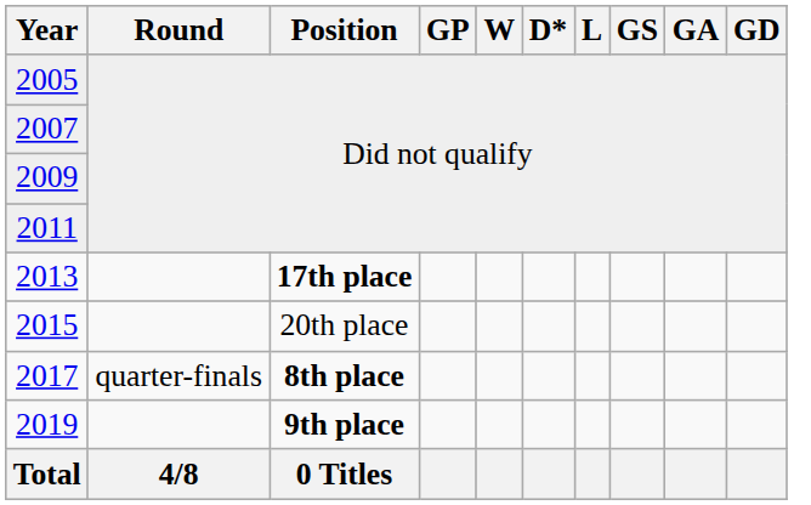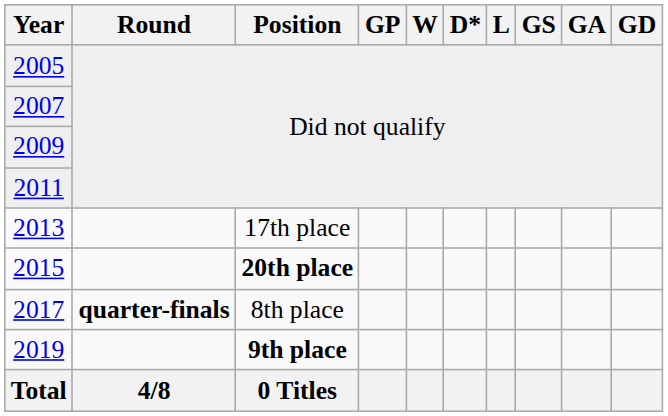 <table class="wikitable" style="text-align: center;">
 <tr>
 <th>Year</th>
 <th>Round</th>
 <th>Position</th>
 <th>GP</th>
 <th>W</th>
 <th>D*</th>
 <th>L</th>
 <th>GS</th>
 <th>GA</th>
 <th>GD</th>
 </tr>
 <tr bgcolor=efefef>
 <td> <a href='#'>2005</a></td>
 <td colspan=9 rowspan =4>Did not qualify</td>
 </tr>
 <tr bgcolor=efefef>
 <td> <a href='#'>2007</a></td>
 </tr>
 <tr bgcolor=efefef>
 <td> <a href='#'>2009</a></td>
 </tr>
 <tr bgcolor=efefef>
 <td> <a href='#'>2011</a></td>
 </tr>
 <tr bgcolor=>
 <td> <a href='#'>2013</a></td>
 <td></td>
-<td><strong>17th place</strong></td>
+<td>17th place</td>
 <td></td>
 <td></td>
 <td></td>
 <td></td>
 <td></td>
 <td></td>
 <td></td>
 </tr>
 <tr bgcolor=>
 <td> <a href='#'>2015</a></td>
 <td></td>
-<td>20th place</td>
+<td><strong>20th place</strong></td>
 <td></td>
 <td></td>
 <td></td>
 <td></td>
 <td></td>
 <td></td>
 <td></td>
 </tr>
 <tr bgcolor=>
 <td> <a href='#'>2017</a></td>
-<td>quarter-finals</td>
-<td><strong>8th place</strong></td>
+<td><strong>quarter-finals</strong></td>
+<td>8th place</td>
 <td></td>
 <td></td>
 <td></td>
 <td></td>
 <td></td>
 <td></td>
 <td></td>
 </tr>
 <tr bgcolor=>
 <td> <a href='#'>2019</a></td>
 <td></td>
 <td><strong>9th place</strong></td>
 <td></td>
 <td></td>
 <td></td>
 <td></td>
 <td></td>
 <td></td>
 <td></td>
 </tr>
 <tr>
 <th>Total</th>
 <th>4/8</th>
 <th>0 Titles</th>
 <th></th>
 <th></th>
 <th></th>
 <th></th>
 <th></th>
 <th></th>
 <th></th>
 </tr>
 </table>
